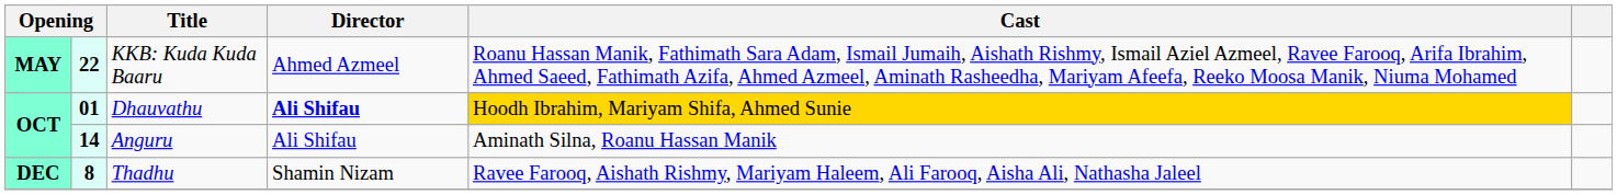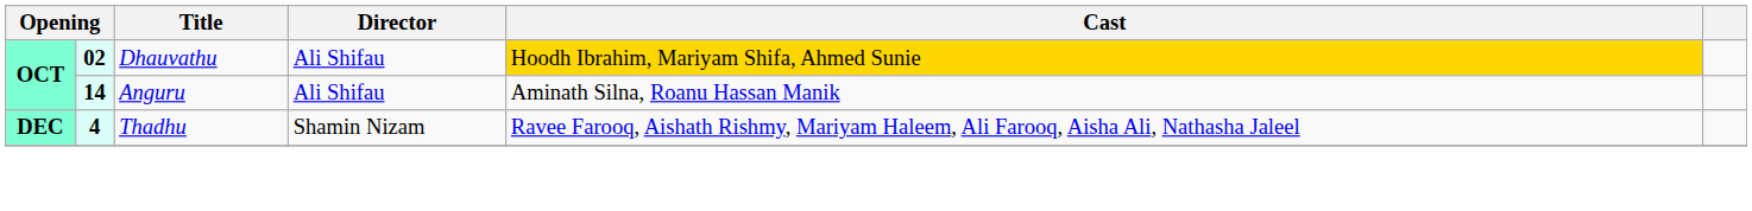 <table class="wikitable plainrowheaders" width="100%">
 <tr>
 <th scope="col" colspan="2" width=4%>Opening</th>
 <th scope="col" width=8%>Title</th>
 <th scope="col" width=10%>Director</th>
 <th scope="col" width=55%>Cast</th>
 <th scope="col" width=2%></th>
 </tr>
 <tr>
-<td style="text-align:center; background:#7FFFD4; textcolor:#000;"><strong>MAY</strong></td>
-<td style="text-align:center; background:#dbfff8;"><strong>22</strong></td>
-<td><em>KKB: Kuda Kuda Baaru</em></td>
-<td><a href='#'>Ahmed Azmeel</a></td>
-<td><a href='#'>Roanu Hassan Manik</a>, <a href='#'>Fathimath Sara Adam</a>, <a href='#'>Ismail Jumaih</a>, <a href='#'>Aishath Rishmy</a>, Ismail Aziel Azmeel, <a href='#'>Ravee Farooq</a>, <a href='#'>Arifa Ibrahim</a>, <a href='#'>Ahmed Saeed</a>, <a href='#'>Fathimath Azifa</a>, <a href='#'>Ahmed Azmeel</a>, <a href='#'>Aminath Rasheedha</a>, <a href='#'>Mariyam Afeefa</a>, <a href='#'>Reeko Moosa Manik</a>, <a href='#'>Niuma Mohamed</a></td>
-<td style="text-align:center;"></td>
-</tr>
-<tr>
 <td style="text-align:center; background:#7FFFD4; textcolor:#000;" rowspan="2"><strong>OCT</strong></td>
-<td style="text-align:center; background:#dbfff8;"><strong>01</strong></td>
+<td style="text-align:center; background:#dbfff8;"><strong>02</strong></td>
 <td><em><a href='#'>Dhauvathu</a></em></td>
-<td><strong><a href='#'>Ali Shifau</a></strong></td>
+<td><a href='#'>Ali Shifau</a></td>
 <td style="background: gold;">Hoodh Ibrahim, Mariyam Shifa, Ahmed Sunie</td>
 <td style="text-align: center;"></td>
 </tr>
 <tr>
 <td style="text-align:center; background:#dbfff8;"><strong>14</strong></td>
 <td><em><a href='#'>Anguru</a></em></td>
 <td><a href='#'>Ali Shifau</a></td>
 <td>Aminath Silna, <a href='#'>Roanu Hassan Manik</a></td>
 <td style="text-align: center;"></td>
 </tr>
 <tr>
 <td style="text-align:center; background:#7FFFD4; textcolor:#000;"><strong>DEC</strong></td>
-<td style="text-align:center; background:#dbfff8;"><strong>8</strong></td>
+<td style="text-align:center; background:#dbfff8;"><strong>4</strong></td>
 <td><em><a href='#'>Thadhu</a></em></td>
 <td>Shamin Nizam</td>
 <td><a href='#'>Ravee Farooq</a>, <a href='#'>Aishath Rishmy</a>, <a href='#'>Mariyam Haleem</a>, <a href='#'>Ali Farooq</a>, <a href='#'>Aisha Ali</a>, <a href='#'>Nathasha Jaleel</a></td>
 <td style="text-align:center;"></td>
 </tr>
 <tr>
 </tr>
 </table>
